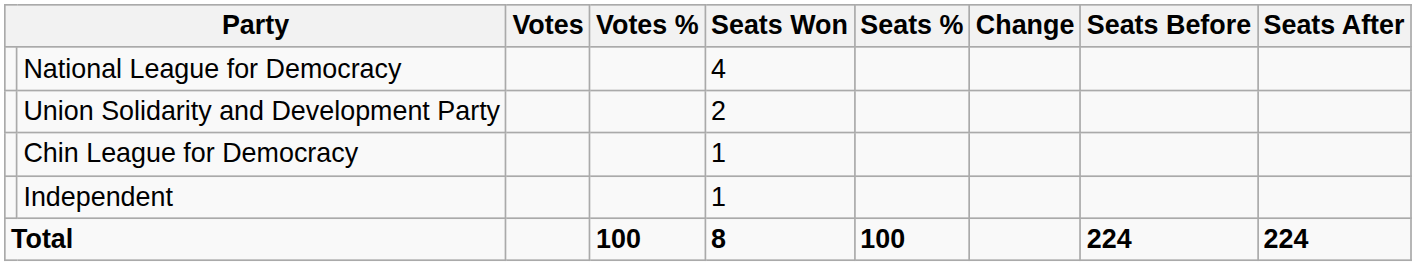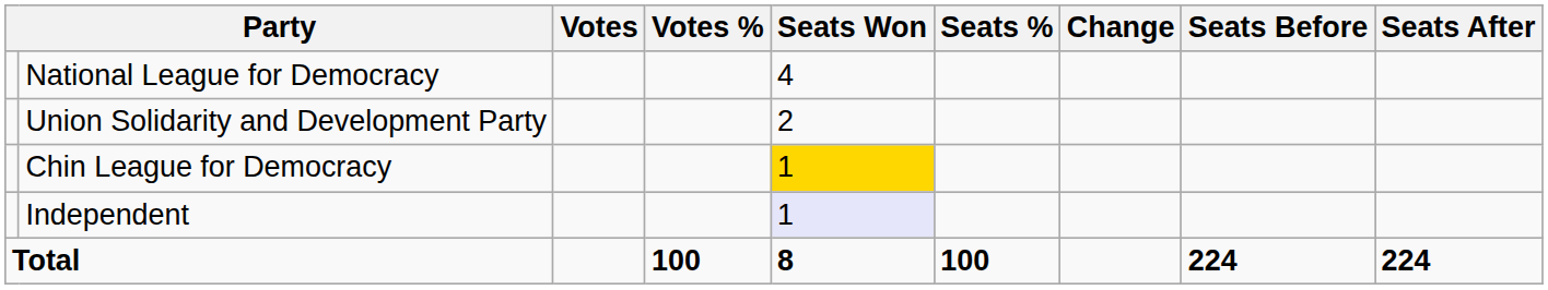 <table class="wikitable">
 <tr>
 <th colspan="2">Party</th>
 <th>Votes</th>
 <th>Votes %</th>
 <th>Seats Won</th>
 <th>Seats %</th>
 <th>Change</th>
 <th>Seats Before</th>
 <th>Seats After</th>
 </tr>
 <tr>
 <td></td>
 <td>National League for Democracy</td>
 <td></td>
 <td></td>
 <td>4</td>
 <td></td>
 <td></td>
 <td></td>
 <td></td>
 </tr>
 <tr>
 <td></td>
 <td>Union Solidarity and Development Party</td>
 <td></td>
 <td></td>
 <td>2</td>
 <td></td>
 <td></td>
 <td></td>
 <td></td>
 </tr>
 <tr>
 <td></td>
 <td>Chin League for Democracy</td>
 <td></td>
 <td></td>
-<td>1</td>
+<td style="background: gold;">1</td>
 <td></td>
 <td></td>
 <td></td>
 <td></td>
 </tr>
 <tr>
 <td></td>
 <td>Independent</td>
 <td></td>
 <td></td>
-<td>1</td>
+<td style="background: lavender;">1</td>
 <td></td>
 <td></td>
 <td></td>
 <td></td>
 </tr>
 <tr>
 <td colspan="2" style="text-align:left;"><strong>Total</strong></td>
 <td></td>
 <td><strong>100</strong></td>
 <td><strong>8</strong></td>
 <td><strong>100</strong></td>
 <td></td>
 <td><strong>224</strong></td>
 <td><strong>224</strong></td>
 </tr>
 </table>
